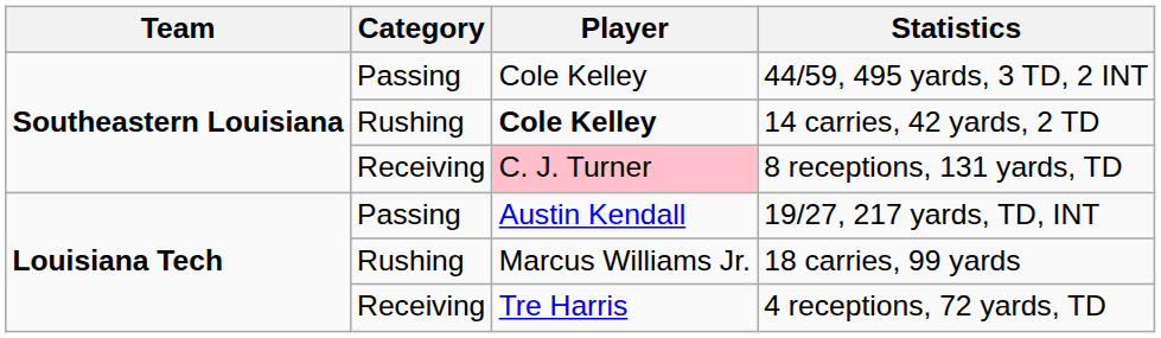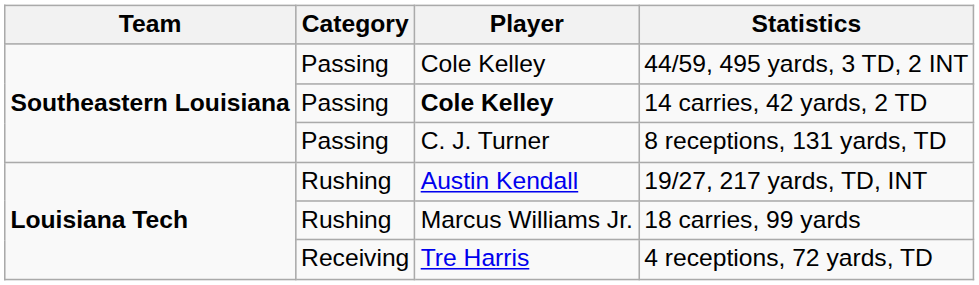 <table class="wikitable" style="float: left;">
 <tr>
 <th>Team</th>
 <th>Category</th>
 <th>Player</th>
 <th>Statistics</th>
 </tr>
 <tr>
 <td rowspan=3><strong>Southeastern Louisiana</strong></td>
 <td>Passing</td>
 <td>Cole Kelley</td>
 <td>44/59, 495 yards, 3 TD, 2 INT</td>
 </tr>
 <tr>
-<td>Rushing</td>
+<td>Passing</td>
 <td><strong>Cole Kelley</strong></td>
 <td>14 carries, 42 yards, 2 TD</td>
 </tr>
 <tr>
-<td>Receiving</td>
-<td style="background: pink;">C. J. Turner</td>
+<td>Passing</td>
+<td>C. J. Turner</td>
 <td>8 receptions, 131 yards, TD</td>
 </tr>
 <tr>
 <td rowspan=3><strong>Louisiana Tech</strong></td>
-<td>Passing</td>
+<td>Rushing</td>
 <td><a href='#'>Austin Kendall</a></td>
 <td>19/27, 217 yards, TD, INT</td>
 </tr>
 <tr>
 <td>Rushing</td>
 <td>Marcus Williams Jr.</td>
 <td>18 carries, 99 yards</td>
 </tr>
 <tr>
 <td>Receiving</td>
 <td><a href='#'>Tre Harris</a></td>
 <td>4 receptions, 72 yards, TD</td>
 </tr>
 </table>
